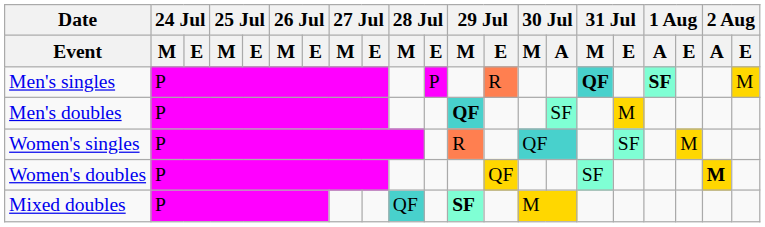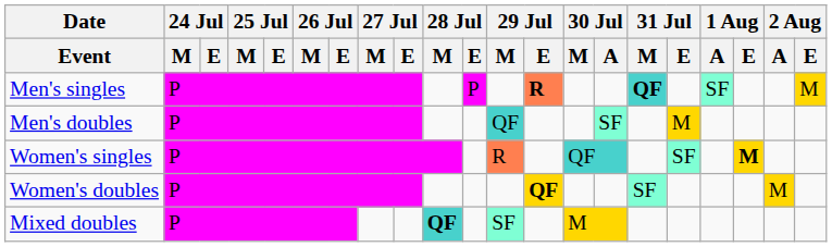 <table class="wikitable olympic-schedule Badmindon">
 <tr>
 <th>Date</th>
 <th colspan="2">24 Jul</th>
 <th colspan="2">25 Jul</th>
 <th colspan="2">26 Jul</th>
 <th colspan="2">27 Jul</th>
 <th colspan="2">28 Jul</th>
 <th colspan="2">29 Jul</th>
 <th colspan="2">30 Jul</th>
 <th colspan="2">31 Jul</th>
 <th colspan="2">1 Aug</th>
 <th colspan="2">2 Aug</th>
 </tr>
 <tr>
 <th>Event</th>
 <th>M</th>
 <th>E</th>
 <th>M</th>
 <th>E</th>
 <th>M</th>
 <th>E</th>
 <th>M</th>
 <th>E</th>
 <th>M</th>
 <th>E</th>
 <th>M</th>
 <th>E</th>
 <th>M</th>
 <th>A</th>
 <th>M</th>
 <th>E</th>
 <th>A</th>
 <th>E</th>
 <th>A</th>
 <th>E</th>
 </tr>
 <tr>
 <td class="event"><a href='#'>Men's singles</a></td>
 <td colspan=8 bgcolor="#FF00FF" class="prelims">P</td>
 <td></td>
 <td bgcolor="#FF00FF" class="prelims">P</td>
 <td></td>
-<td bgcolor="#FF7F50" class="roundof16">R</td>
+<td bgcolor="#FF7F50" class="roundof16"><strong>R</strong></td>
 <td></td>
 <td></td>
 <td bgcolor="#48D1CC" class="quarterfinals"><strong>QF</strong></td>
 <td></td>
-<td bgcolor="#7FFFD4" class="semifinals"><strong>SF</strong></td>
+<td bgcolor="#7FFFD4" class="semifinals">SF</td>
 <td></td>
 <td></td>
 <td bgcolor="gold" class="finals">M</td>
 </tr>
 <tr>
 <td class="event"><a href='#'>Men's doubles</a></td>
 <td colspan=8 bgcolor="#FF00FF" class="prelims">P</td>
 <td></td>
 <td></td>
-<td bgcolor="#48D1CC" class="quarterfinals"><strong>QF</strong></td>
+<td bgcolor="#48D1CC" class="quarterfinals">QF</td>
 <td></td>
 <td></td>
 <td bgcolor="#7FFFD4" class="semifinals">SF</td>
 <td></td>
 <td bgcolor="gold" class="finals">M</td>
 <td></td>
 <td></td>
 <td></td>
 <td></td>
 </tr>
 <tr>
 <td class="event"><a href='#'>Women's singles</a></td>
 <td colspan=9 bgcolor="#FF00FF" class="prelims">P</td>
 <td></td>
 <td bgcolor="#FF7F50" class="roundof16">R</td>
 <td></td>
 <td colspan=2 bgcolor="#48D1CC" class="quarterfinals">QF</td>
 <td></td>
 <td bgcolor="#7FFFD4" class="semifinals">SF</td>
 <td></td>
-<td bgcolor="gold" class="finals">M</td>
+<td bgcolor="gold" class="finals"><strong>M</strong></td>
 <td></td>
 <td></td>
 </tr>
 <tr>
 <td class="event"><a href='#'>Women's doubles</a></td>
 <td colspan=8 bgcolor="#FF00FF" class="prelims">P</td>
 <td></td>
 <td></td>
 <td></td>
-<td bgcolor="#FFD700" bgcolor="#48D1CC">QF</td>
+<td bgcolor="#FFD700" bgcolor="#48D1CC"><strong>QF</strong></td>
 <td></td>
 <td></td>
 <td bgcolor="#7FFFD4" class="semifinals">SF</td>
 <td></td>
 <td></td>
 <td></td>
-<td bgcolor="gold" class="finals"><strong>M</strong></td>
+<td bgcolor="gold" class="finals">M</td>
 <td></td>
 </tr>
 <tr>
 <td class="event"><a href='#'>Mixed doubles</a></td>
 <td colspan=6 bgcolor="#FF00FF" class="prelims">P</td>
 <td></td>
 <td></td>
-<td bgcolor="#48D1CC" class="quarterfinals">QF</td>
+<td bgcolor="#48D1CC" class="quarterfinals"><strong>QF</strong></td>
 <td></td>
-<td bgcolor="#7FFFD4" class="semifinals"><strong>SF</strong></td>
+<td bgcolor="#7FFFD4" class="semifinals">SF</td>
 <td></td>
 <td colspan=2 bgcolor="gold" class="finals">M</td>
 <td></td>
 <td></td>
 <td></td>
 <td></td>
 <td></td>
 <td></td>
 </tr>
 </table>
